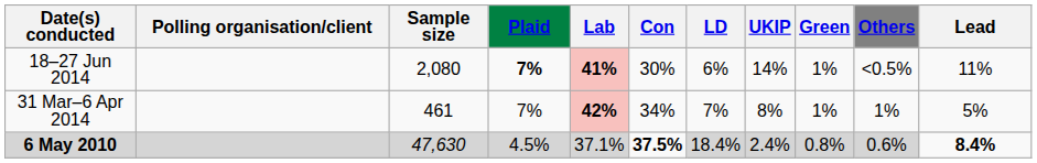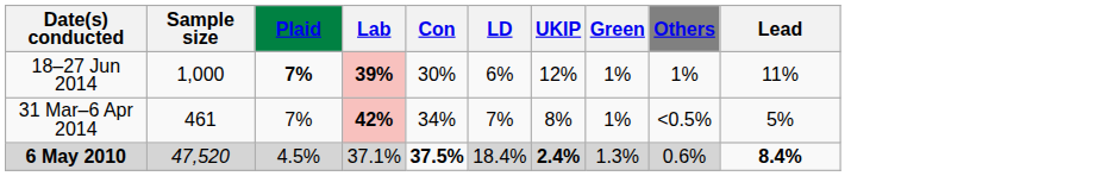 <table class="wikitable sortable" style="text-align:center;font-size:90%;line-height:14px">
 <tr>
 <th ! style="width:100px;">Date(s)<br>conducted</th>
-<th style="width:200px;">Polling organisation/client</th>
 <th class="unsortable" style="width:75px;">Sample size</th>
 <th class="unsortable" style="background:#008142; width:60px;"><a href='#'><span>Plaid</span></a></th>
 <th class="unsortable" style="background:"><a href='#'><span>Lab</span></a></th>
 <th class="unsortable" style="background:"><a href='#'><span>Con</span></a></th>
 <th class="unsortable" style="background:"><a href='#'><span>LD</span></a></th>
 <th class="unsortable" style="background:"><a href='#'><span>UKIP</span></a></th>
 <th class="unsortable" style="background:"><a href='#'><span>Green</span></a></th>
 <th class="unsortable" style="background:gray; width:60x;"><a href='#'><span>Others</span></a></th>
 <th class="unsortable" style="width:85px;">Lead</th>
 </tr>
 <tr>
 <td>18–27 Jun 2014</td>
-<td></td>
-<td>2,080</td>
+<td>1,000</td>
 <td><strong>7%</strong></td>
-<td style="background:#F8C1BE"><strong>41%</strong></td>
+<td style="background:#F8C1BE"><strong>39%</strong></td>
 <td>30%</td>
 <td>6%</td>
-<td>14%</td>
+<td>12%</td>
 <td>1%</td>
-<td><0.5%</td>
+<td>1%</td>
 <td style="background:">11%</td>
 </tr>
 <tr>
 <td>31 Mar–6 Apr 2014</td>
-<td></td>
 <td>461</td>
 <td>7%</td>
 <td style="background:#F8C1BE"><strong>42%</strong></td>
 <td>34%</td>
 <td>7%</td>
 <td>8%</td>
 <td>1%</td>
-<td>1%</td>
+<td><0.5%</td>
 <td style="background:">5%</td>
 </tr>
 <tr>
 <td style="background:#D5D5D5"><strong>6 May 2010</strong></td>
-<td style="background:#D5D5D5"></td>
-<td style="background:#D5D5D5"><em>47,630</em></td>
+<td style="background:#D5D5D5"><em>47,520</em></td>
 <td style="background:#D5D5D5">4.5%</td>
 <td style="background:#D5D5D5">37.1%</td>
 <td style="background:"><strong>37.5%</strong></td>
 <td style="background:#D5D5D5">18.4%</td>
-<td style="background:#D5D5D5">2.4%</td>
-<td style="background:#D5D5D5">0.8%</td>
+<td style="background:#D5D5D5"><strong>2.4%</strong></td>
+<td style="background:#D5D5D5">1.3%</td>
 <td style="background:#D5D5D5">0.6%</td>
 <td style="background:"><strong>8.4% </strong></td>
 </tr>
 </table>
